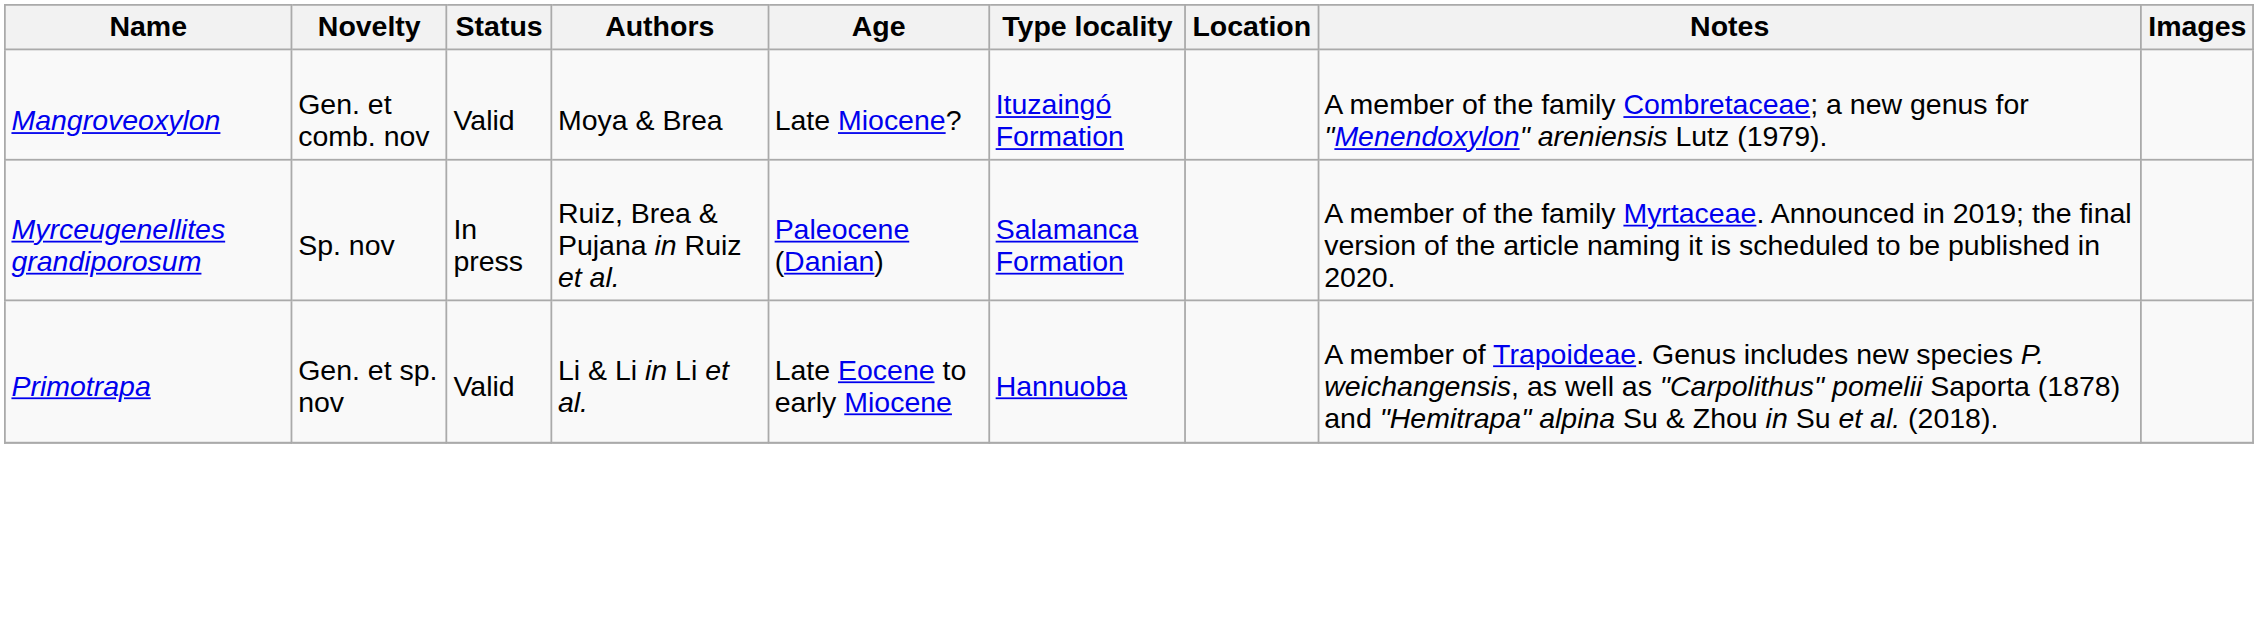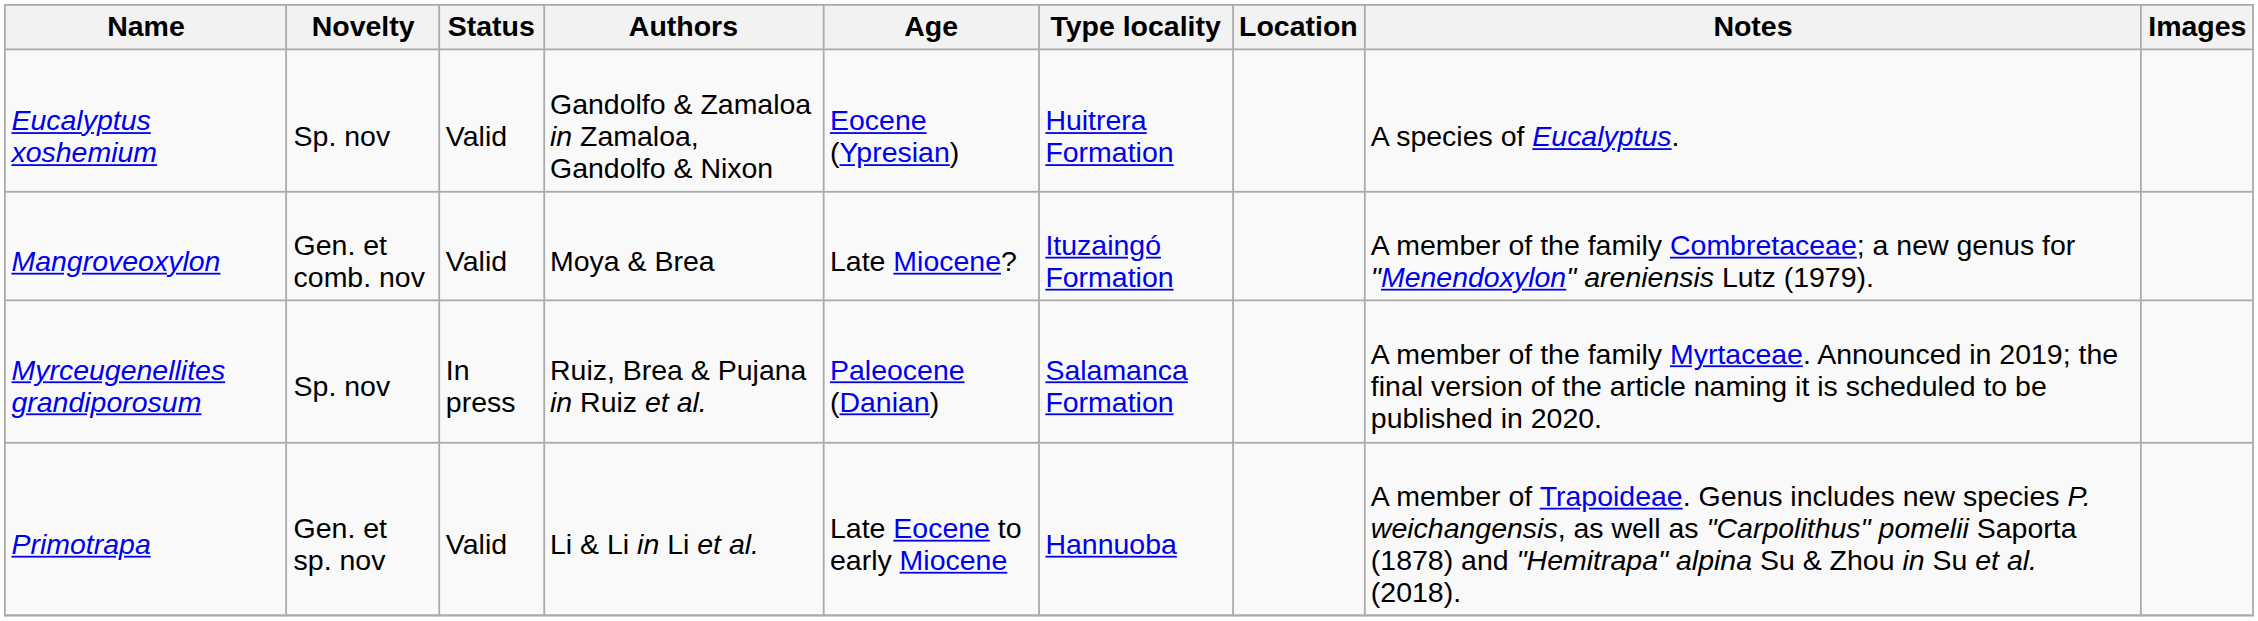 <table class="wikitable sortable" align="center" width="100%">
 <tr>
 <th>Name</th>
 <th>Novelty</th>
 <th>Status</th>
 <th>Authors</th>
 <th>Age</th>
 <th>Type locality</th>
 <th>Location</th>
 <th>Notes</th>
 <th>Images</th>
+</tr>
+<tr>
+<td><br><em><a href='#'>Eucalyptus xoshemium</a></em></td>
+<td><br>Sp. nov</td>
+<td><br>Valid</td>
+<td><br>Gandolfo & Zamaloa <em>in</em> Zamaloa, Gandolfo & Nixon</td>
+<td><br><a href='#'>Eocene</a> (<a href='#'>Ypresian</a>)</td>
+<td><br><a href='#'>Huitrera Formation</a></td>
+<td><br></td>
+<td><br>A species of <em><a href='#'>Eucalyptus</a></em>.</td>
+<td></td>
 </tr>
 <tr>
 <td><br><em><a href='#'>Mangroveoxylon</a></em></td>
 <td><br>Gen. et comb. nov</td>
 <td><br>Valid</td>
 <td><br>Moya & Brea</td>
 <td><br>Late <a href='#'>Miocene</a>?</td>
 <td><br><a href='#'>Ituzaingó Formation</a></td>
 <td><br></td>
 <td><br>A member of the family <a href='#'>Combretaceae</a>; a new genus for <em>"<a href='#'>Menendoxylon</a>" areniensis</em> Lutz (1979).</td>
 <td></td>
 </tr>
 <tr>
 <td><br><em><a href='#'>Myrceugenellites grandiporosum</a></em></td>
 <td><br>Sp. nov</td>
 <td><br>In press</td>
 <td><br>Ruiz, Brea & Pujana <em>in</em> Ruiz <em>et al.</em></td>
 <td><br><a href='#'>Paleocene</a> (<a href='#'>Danian</a>)</td>
 <td><br><a href='#'>Salamanca Formation</a></td>
 <td><br></td>
 <td><br>A member of the family <a href='#'>Myrtaceae</a>. Announced in 2019; the final version of the article naming it is scheduled to be published in 2020.</td>
 <td></td>
 </tr>
 <tr>
 <td><br><em><a href='#'>Primotrapa</a></em></td>
 <td><br>Gen. et sp. nov</td>
 <td><br>Valid</td>
 <td><br>Li & Li <em>in</em> Li <em>et al.</em></td>
 <td><br>Late <a href='#'>Eocene</a> to early <a href='#'>Miocene</a></td>
 <td><br><a href='#'>Hannuoba</a></td>
 <td><br><br> <br> <br> </td>
 <td><br>A member of <a href='#'>Trapoideae</a>. Genus includes new species <em>P. weichangensis</em>, as well as <em>"Carpolithus" pomelii</em> Saporta (1878) and <em>"Hemitrapa" alpina</em> Su & Zhou <em>in</em> Su <em>et al.</em> (2018).</td>
 <td></td>
 </tr>
 <tr>
 </tr>
 </table>
